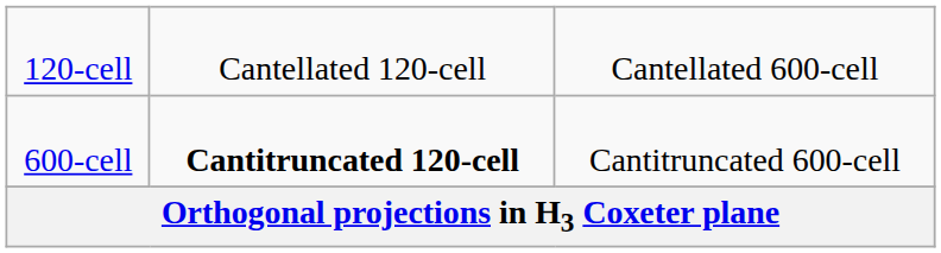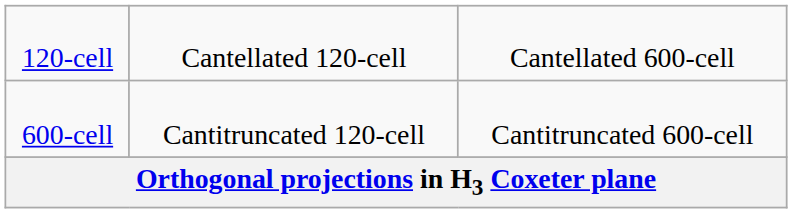 <table class=wikitable align=right width=450 style="margin-left:1em;">
 <tr align=center valign=top>
 <td><br><a href='#'>120-cell</a><br></td>
 <td><br>Cantellated 120-cell<br></td>
 <td><br>Cantellated 600-cell<br></td>
 </tr>
 <tr align=center valign=top>
 <td><br><a href='#'>600-cell</a><br></td>
-<td><strong><br>Cantitruncated 120-cell<br></strong></td>
+<td><br>Cantitruncated 120-cell<br></td>
 <td><br>Cantitruncated 600-cell<br></td>
 </tr>
 <tr>
 <th colspan=3><a href='#'>Orthogonal projections</a> in H<sub>3</sub> <a href='#'>Coxeter plane</a></th>
 </tr>
 </table>
